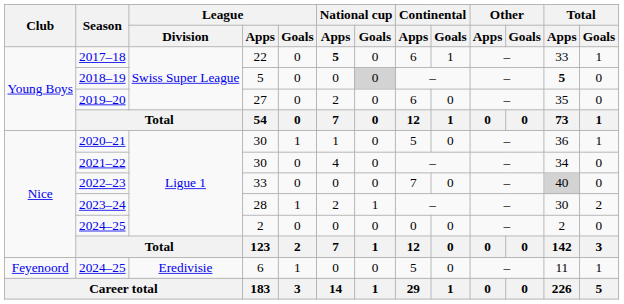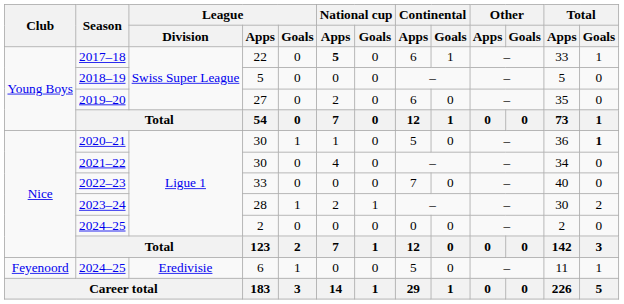 <table class="wikitable" style="text-align:center">
 <tr>
 <th rowspan="2">Club</th>
 <th rowspan="2">Season</th>
 <th colspan="3">League</th>
 <th colspan="2">National cup</th>
 <th colspan="2">Continental</th>
 <th colspan="2">Other</th>
 <th colspan="2">Total</th>
 </tr>
 <tr>
 <th>Division</th>
 <th>Apps</th>
 <th>Goals</th>
 <th>Apps</th>
 <th>Goals</th>
 <th>Apps</th>
 <th>Goals</th>
 <th>Apps</th>
 <th>Goals</th>
 <th>Apps</th>
 <th>Goals</th>
 </tr>
 <tr>
 <td rowspan="4"><a href='#'>Young Boys</a></td>
 <td><a href='#'>2017–18</a></td>
 <td rowspan=3><a href='#'>Swiss Super League</a></td>
 <td>22</td>
 <td>0</td>
 <td><strong>5</strong></td>
 <td>0</td>
 <td>6</td>
 <td>1</td>
 <td colspan="2">–</td>
 <td>33</td>
 <td>1</td>
 </tr>
 <tr>
 <td><a href='#'>2018–19</a></td>
 <td>5</td>
 <td>0</td>
 <td>0</td>
-<td style="background: lightgrey;">0</td>
+<td>0</td>
 <td colspan="2">–</td>
 <td colspan="2">–</td>
-<td><strong>5</strong></td>
+<td>5</td>
 <td>0</td>
 </tr>
 <tr>
 <td><a href='#'>2019–20</a></td>
 <td>27</td>
 <td>0</td>
 <td>2</td>
 <td>0</td>
 <td>6</td>
 <td>0</td>
 <td colspan="2">–</td>
 <td>35</td>
 <td>0</td>
 </tr>
 <tr>
 <th colspan="2">Total</th>
 <th>54</th>
 <th>0</th>
 <th>7</th>
 <th>0</th>
 <th>12</th>
 <th>1</th>
 <th>0</th>
 <th>0</th>
 <th>73</th>
 <th>1</th>
 </tr>
 <tr>
 <td rowspan="6"><a href='#'>Nice</a></td>
 <td><a href='#'>2020–21</a></td>
 <td rowspan="5"><a href='#'>Ligue 1</a></td>
 <td>30</td>
 <td>1</td>
 <td>1</td>
 <td>0</td>
 <td>5</td>
 <td>0</td>
 <td colspan="2">–</td>
 <td>36</td>
-<td>1</td>
+<td><strong>1</strong></td>
 </tr>
 <tr>
 <td><a href='#'>2021–22</a></td>
 <td>30</td>
 <td>0</td>
 <td>4</td>
 <td>0</td>
 <td colspan="2">–</td>
 <td colspan="2">–</td>
 <td>34</td>
 <td>0</td>
 </tr>
 <tr>
 <td><a href='#'>2022–23</a></td>
 <td>33</td>
 <td>0</td>
 <td>0</td>
 <td>0</td>
 <td>7</td>
 <td>0</td>
 <td colspan="2">–</td>
-<td style="background: lightgrey;">40</td>
+<td>40</td>
 <td>0</td>
 </tr>
 <tr>
 <td><a href='#'>2023–24</a></td>
 <td>28</td>
 <td>1</td>
 <td>2</td>
 <td>1</td>
 <td colspan="2">–</td>
 <td colspan="2">–</td>
 <td>30</td>
 <td>2</td>
 </tr>
 <tr>
 <td><a href='#'>2024–25</a></td>
 <td>2</td>
 <td>0</td>
 <td>0</td>
 <td>0</td>
 <td>0</td>
 <td>0</td>
 <td colspan="2">–</td>
 <td>2</td>
 <td>0</td>
 </tr>
 <tr>
 <th colspan="2">Total</th>
 <th>123</th>
 <th>2</th>
 <th>7</th>
 <th>1</th>
 <th>12</th>
 <th>0</th>
 <th>0</th>
 <th>0</th>
 <th>142</th>
 <th>3</th>
 </tr>
 <tr>
 <td><a href='#'>Feyenoord</a></td>
 <td><a href='#'>2024–25</a></td>
 <td><a href='#'>Eredivisie</a></td>
 <td>6</td>
 <td>1</td>
 <td>0</td>
 <td>0</td>
 <td>5</td>
 <td>0</td>
 <td colspan="2">–</td>
 <td>11</td>
 <td>1</td>
 </tr>
 <tr>
 <th colspan="3">Career total</th>
 <th>183</th>
 <th>3</th>
 <th>14</th>
 <th>1</th>
 <th>29</th>
 <th>1</th>
 <th>0</th>
 <th>0</th>
 <th>226</th>
 <th>5</th>
 </tr>
 </table>
